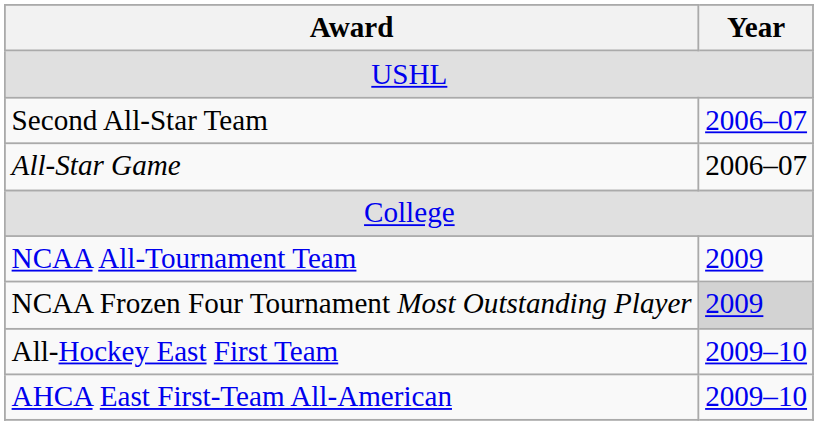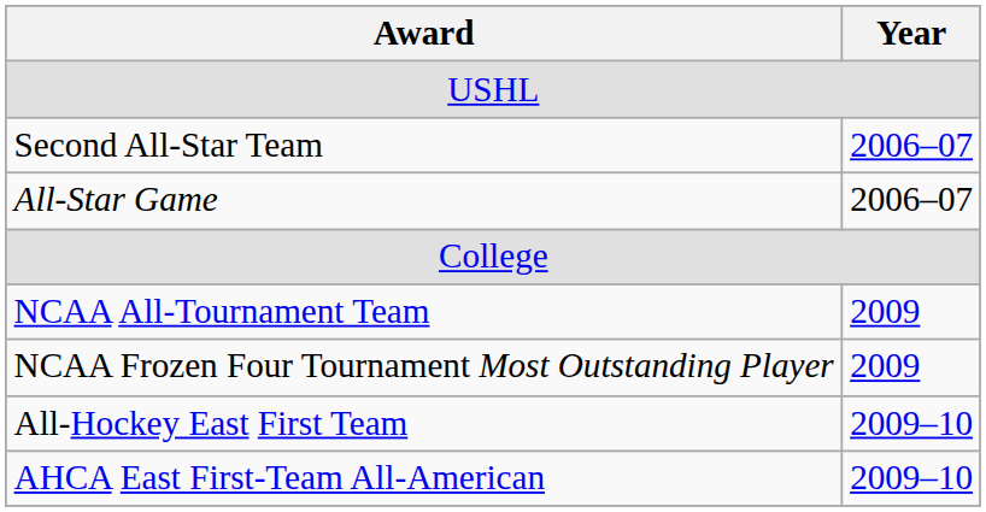 <table class="wikitable">
 <tr>
 <th>Award</th>
 <th>Year</th>
 </tr>
 <tr style="text-align:center; background:#e0e0e0;">
 <td colspan="2"><a href='#'>USHL</a></td>
 </tr>
 <tr>
 <td>Second All-Star Team</td>
 <td><a href='#'>2006–07</a></td>
 </tr>
 <tr>
 <td><em>All-Star Game</em></td>
 <td>2006–07</td>
 </tr>
 <tr style="text-align:center; background:#e0e0e0;">
 <td colspan="2"><a href='#'>College</a></td>
 </tr>
 <tr>
 <td><a href='#'>NCAA</a> <a href='#'>All-Tournament Team</a></td>
 <td><a href='#'>2009</a></td>
 </tr>
 <tr>
 <td>NCAA Frozen Four Tournament <em>Most Outstanding Player</em></td>
-<td style="background: lightgrey;"><a href='#'>2009</a></td>
+<td><a href='#'>2009</a></td>
 </tr>
 <tr>
 <td>All-<a href='#'>Hockey East</a> <a href='#'>First Team</a></td>
 <td><a href='#'>2009–10</a></td>
 </tr>
 <tr>
 <td><a href='#'>AHCA</a> <a href='#'>East First-Team All-American</a></td>
 <td><a href='#'>2009–10</a></td>
 </tr>
 </table>
